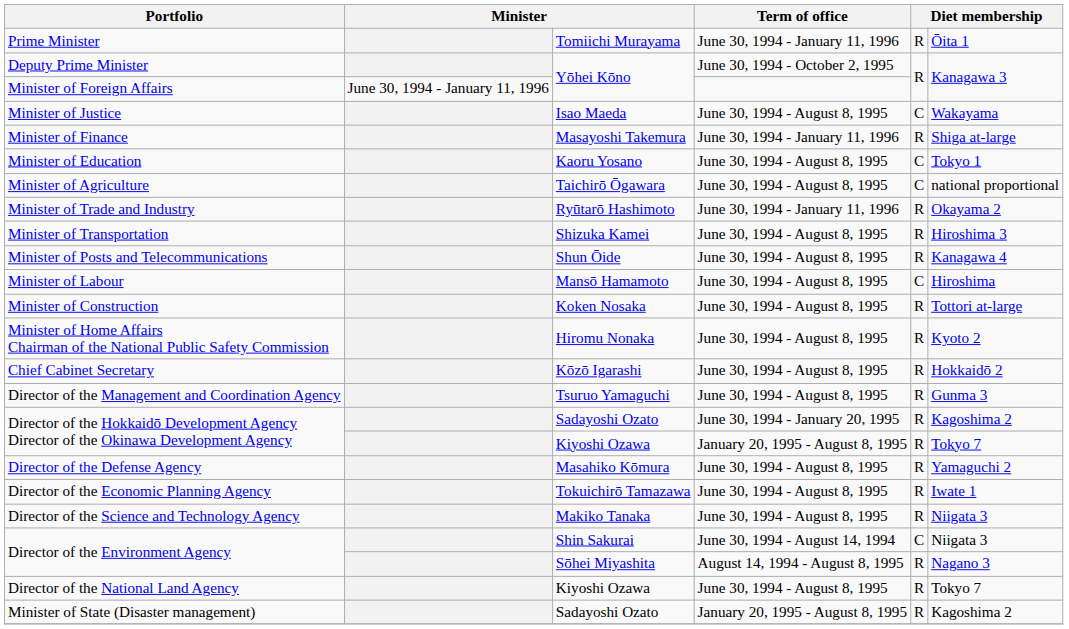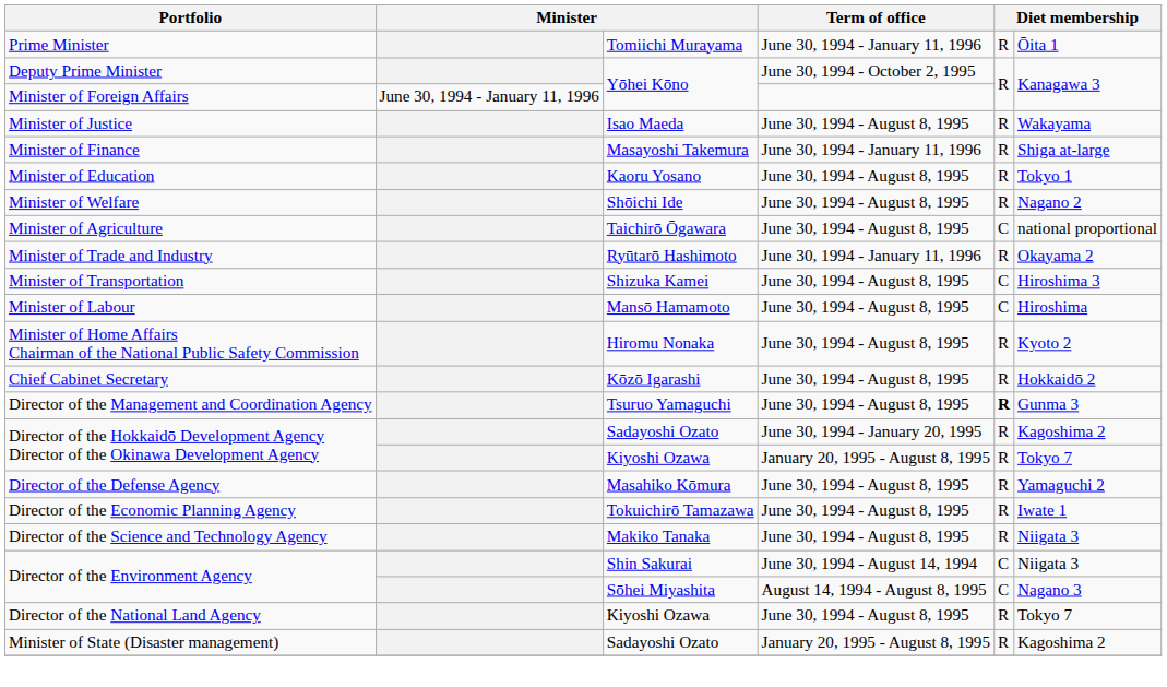 <table class=wikitable>
 <tr>
 <th>Portfolio</th>
 <th colspan=2>Minister</th>
 <th>Term of office</th>
 <th colspan=2>Diet membership</th>
 </tr>
 <tr>
 <td><a href='#'>Prime Minister</a></td>
 <th style="color:inherit;background-color: "></th>
 <td><a href='#'>Tomiichi Murayama</a></td>
 <td>June 30, 1994 - January 11, 1996</td>
 <td>R</td>
 <td><a href='#'>Ōita 1</a></td>
 </tr>
 <tr>
 <td><a href='#'>Deputy Prime Minister</a></td>
 <th style="background-color: "></th>
 <td rowspan=2><a href='#'>Yōhei Kōno</a></td>
 <td>June 30, 1994 - October 2, 1995</td>
 <td rowspan=2>R</td>
 <td rowspan=2><a href='#'>Kanagawa 3</a></td>
 </tr>
 <tr>
 <td><a href='#'>Minister of Foreign Affairs</a></td>
 <td>June 30, 1994 - January 11, 1996</td>
 </tr>
 <tr>
 <td><a href='#'>Minister of Justice</a></td>
 <th style="color:inherit;background-color: "></th>
 <td><a href='#'>Isao Maeda</a></td>
 <td>June 30, 1994 - August 8, 1995</td>
-<td>C</td>
+<td>R</td>
 <td><a href='#'>Wakayama</a></td>
 </tr>
 <tr>
 <td><a href='#'>Minister of Finance</a></td>
 <th style="color:inherit;background-color: "></th>
 <td><a href='#'>Masayoshi Takemura</a></td>
 <td>June 30, 1994 - January 11, 1996</td>
 <td>R</td>
 <td><a href='#'>Shiga at-large</a></td>
 </tr>
 <tr>
 <td><a href='#'>Minister of Education</a></td>
 <th style="color:inherit;background-color: "></th>
 <td><a href='#'>Kaoru Yosano</a></td>
 <td>June 30, 1994 - August 8, 1995</td>
-<td>C</td>
+<td>R</td>
 <td><a href='#'>Tokyo 1</a></td>
+</tr>
+<tr>
+<td><a href='#'>Minister of Welfare</a></td>
+<th style="color:inherit;background-color: "></th>
+<td><a href='#'>Shōichi Ide</a></td>
+<td>June 30, 1994 - August 8, 1995</td>
+<td>R</td>
+<td><a href='#'>Nagano 2</a></td>
 </tr>
 <tr>
 <td><a href='#'>Minister of Agriculture</a></td>
 <th style="color:inherit;background-color: "></th>
 <td><a href='#'>Taichirō Ōgawara</a></td>
 <td>June 30, 1994 - August 8, 1995</td>
 <td>C</td>
 <td>national proportional</td>
 </tr>
 <tr>
 <td><a href='#'>Minister of Trade and Industry</a></td>
 <th style="color:inherit;background-color: "></th>
 <td><a href='#'>Ryūtarō Hashimoto</a></td>
 <td>June 30, 1994 - January 11, 1996</td>
 <td>R</td>
 <td><a href='#'>Okayama 2</a></td>
 </tr>
 <tr>
 <td><a href='#'>Minister of Transportation</a></td>
 <th style="color:inherit;background-color: "></th>
 <td><a href='#'>Shizuka Kamei</a></td>
 <td>June 30, 1994 - August 8, 1995</td>
-<td>R</td>
+<td>C</td>
 <td><a href='#'>Hiroshima 3</a></td>
-</tr>
-<tr>
-<td><a href='#'>Minister of Posts and Telecommunications</a></td>
-<th style="color:inherit;background-color: "></th>
-<td><a href='#'>Shun Ōide</a></td>
-<td>June 30, 1994 - August 8, 1995</td>
-<td>R</td>
-<td><a href='#'>Kanagawa 4</a></td>
 </tr>
 <tr>
 <td><a href='#'>Minister of Labour</a></td>
 <th style="color:inherit;background-color: "></th>
 <td><a href='#'>Mansō Hamamoto</a></td>
 <td>June 30, 1994 - August 8, 1995</td>
 <td>C</td>
 <td><a href='#'>Hiroshima</a></td>
-</tr>
-<tr>
-<td><a href='#'>Minister of Construction</a></td>
-<th style="color:inherit;background-color: "></th>
-<td><a href='#'>Koken Nosaka</a></td>
-<td>June 30, 1994 - August 8, 1995</td>
-<td>R</td>
-<td><a href='#'>Tottori at-large</a></td>
 </tr>
 <tr>
 <td><a href='#'>Minister of Home Affairs</a><br><a href='#'>Chairman of the National Public Safety Commission</a></td>
 <th style="color:inherit;background-color: "></th>
 <td><a href='#'>Hiromu Nonaka</a></td>
 <td>June 30, 1994 - August 8, 1995</td>
 <td>R</td>
 <td><a href='#'>Kyoto 2</a></td>
 </tr>
 <tr>
 <td><a href='#'>Chief Cabinet Secretary</a></td>
 <th style="color:inherit;background-color: "></th>
 <td><a href='#'>Kōzō Igarashi</a></td>
 <td>June 30, 1994 - August 8, 1995</td>
 <td>R</td>
 <td><a href='#'>Hokkaidō 2</a></td>
 </tr>
 <tr>
 <td>Director of the <a href='#'>Management and Coordination Agency</a></td>
 <th style="color:inherit;background-color: "></th>
 <td><a href='#'>Tsuruo Yamaguchi</a></td>
 <td>June 30, 1994 - August 8, 1995</td>
-<td>R</td>
+<td><strong>R</strong></td>
 <td><a href='#'>Gunma 3</a></td>
 </tr>
 <tr>
 <td rowspan="2">Director of the <a href='#'>Hokkaidō Development Agency</a><br>Director of the <a href='#'>Okinawa Development Agency</a></td>
 <th style="color:inherit;background-color: "></th>
 <td><a href='#'>Sadayoshi Ozato</a></td>
 <td>June 30, 1994 - January 20, 1995</td>
 <td>R</td>
 <td><a href='#'>Kagoshima 2</a></td>
 </tr>
 <tr>
 <th style="color:inherit;background-color: "></th>
 <td><a href='#'>Kiyoshi Ozawa</a></td>
 <td>January 20, 1995 - August 8, 1995</td>
 <td>R</td>
 <td><a href='#'>Tokyo 7</a></td>
 </tr>
 <tr>
 <td><a href='#'>Director of the Defense Agency</a></td>
 <th style="color:inherit;background-color: "></th>
 <td><a href='#'>Masahiko Kōmura</a></td>
 <td>June 30, 1994 - August 8, 1995</td>
 <td>R</td>
 <td><a href='#'>Yamaguchi 2</a></td>
 </tr>
 <tr>
 <td>Director of the <a href='#'>Economic Planning Agency</a></td>
 <th style="color:inherit;background-color: "></th>
 <td><a href='#'>Tokuichirō Tamazawa</a></td>
 <td>June 30, 1994 - August 8, 1995</td>
 <td>R</td>
 <td><a href='#'>Iwate 1</a></td>
 </tr>
 <tr>
 <td>Director of the <a href='#'>Science and Technology Agency</a></td>
 <th style="color:inherit;background-color: "></th>
 <td><a href='#'>Makiko Tanaka</a></td>
 <td>June 30, 1994 - August 8, 1995</td>
 <td>R</td>
 <td><a href='#'>Niigata 3</a></td>
 </tr>
 <tr>
 <td rowspan="2">Director of the <a href='#'>Environment Agency</a></td>
 <th style="color:inherit;background-color: "></th>
 <td><a href='#'>Shin Sakurai</a></td>
 <td>June 30, 1994 - August 14, 1994</td>
 <td>C</td>
 <td>Niigata 3</td>
 </tr>
 <tr>
 <th style="color:inherit;background-color: "></th>
 <td><a href='#'>Sōhei Miyashita</a></td>
 <td>August 14, 1994 - August 8, 1995</td>
-<td>R</td>
+<td>C</td>
 <td><a href='#'>Nagano 3</a></td>
 </tr>
 <tr>
 <td>Director of the <a href='#'>National Land Agency</a></td>
 <th style="color:inherit;background-color: "></th>
 <td>Kiyoshi Ozawa</td>
 <td>June 30, 1994 - August 8, 1995</td>
 <td>R</td>
 <td>Tokyo 7</td>
 </tr>
 <tr>
 <td>Minister of State (Disaster management)</td>
 <th style="color:inherit;background-color: "></th>
 <td>Sadayoshi Ozato</td>
 <td>January 20, 1995 - August 8, 1995</td>
 <td>R</td>
 <td>Kagoshima 2</td>
 </tr>
 <tr>
 </tr>
 </table>
